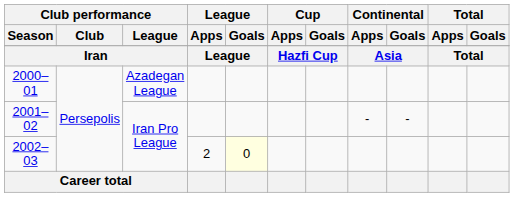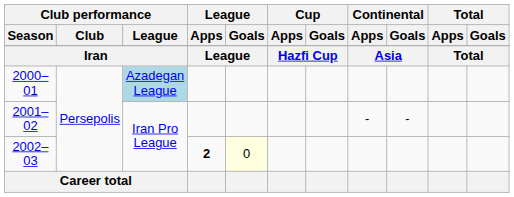 <table class="wikitable" style="text-align:center">
 <tr>
 <th colspan=3>Club performance</th>
 <th colspan=2>League</th>
 <th colspan=2>Cup</th>
 <th colspan=2>Continental</th>
 <th colspan=2>Total</th>
 </tr>
 <tr>
 <th>Season</th>
 <th>Club</th>
 <th>League</th>
 <th>Apps</th>
 <th>Goals</th>
 <th>Apps</th>
 <th>Goals</th>
 <th>Apps</th>
 <th>Goals</th>
 <th>Apps</th>
 <th>Goals</th>
 </tr>
 <tr>
 </tr>
 <tr>
 <th colspan=3>Iran</th>
 <th colspan=2>League</th>
 <th colspan=2><a href='#'>Hazfi Cup</a></th>
 <th colspan=2><a href='#'>Asia</a></th>
 <th colspan=2>Total</th>
 </tr>
 <tr>
 <td><a href='#'>2000–01</a></td>
 <td rowspan="3"><a href='#'>Persepolis</a></td>
-<td><a href='#'>Azadegan League</a></td>
+<td style="background: lightblue;"><a href='#'>Azadegan League</a></td>
 <td></td>
 <td></td>
 <td></td>
 <td></td>
 <td></td>
 <td></td>
 <td></td>
 <td></td>
 </tr>
 <tr>
 <td><a href='#'>2001–02</a></td>
 <td rowspan="2"><a href='#'>Iran Pro League</a></td>
 <td></td>
 <td></td>
 <td></td>
 <td></td>
 <td>-</td>
 <td>-</td>
 <td></td>
 <td></td>
 </tr>
 <tr>
 <td><a href='#'>2002–03</a></td>
-<td>2</td>
+<td><strong>2</strong></td>
 <td style="background: lightyellow;">0</td>
 <td></td>
 <td></td>
 <td></td>
 <td></td>
 <td></td>
 <td></td>
 </tr>
 <tr>
 <th colspan=3>Career total</th>
 <th></th>
 <th></th>
 <th></th>
 <th></th>
 <th></th>
 <th></th>
 <th></th>
 <th></th>
 </tr>
 </table>
